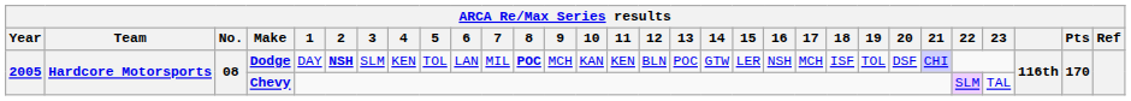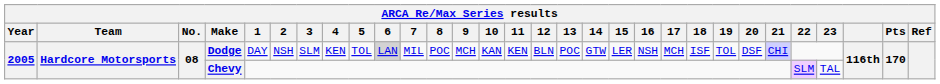 <table class="wikitable" style="text-align:center; font-size:75%">
 <tr>
 <th colspan=45><a href='#'>ARCA Re/Max Series</a> results</th>
 </tr>
 <tr>
 <th>Year</th>
 <th>Team</th>
 <th>No.</th>
 <th>Make</th>
 <th>1</th>
 <th>2</th>
 <th>3</th>
 <th>4</th>
 <th>5</th>
 <th>6</th>
 <th>7</th>
 <th>8</th>
 <th>9</th>
 <th>10</th>
 <th>11</th>
 <th>12</th>
 <th>13</th>
 <th>14</th>
 <th>15</th>
 <th>16</th>
 <th>17</th>
 <th>18</th>
 <th>19</th>
 <th>20</th>
 <th>21</th>
 <th>22</th>
 <th>23</th>
 <th></th>
 <th>Pts</th>
 <th>Ref</th>
 </tr>
 <tr>
 <th rowspan=2><a href='#'>2005</a></th>
 <th rowspan=2><a href='#'>Hardcore Motorsports</a></th>
 <th rowspan=2>08</th>
 <th><a href='#'>Dodge</a></th>
 <td><a href='#'>DAY</a></td>
-<td><strong><a href='#'>NSH</a></strong></td>
+<td><a href='#'>NSH</a></td>
 <td><a href='#'>SLM</a></td>
 <td><a href='#'>KEN</a></td>
 <td><a href='#'>TOL</a></td>
-<td><a href='#'>LAN</a></td>
+<td style="background: lightgrey;"><a href='#'>LAN</a></td>
 <td><a href='#'>MIL</a></td>
-<td><strong><a href='#'>POC</a></strong></td>
+<td><a href='#'>POC</a></td>
 <td><a href='#'>MCH</a></td>
 <td><a href='#'>KAN</a></td>
 <td><a href='#'>KEN</a></td>
 <td><a href='#'>BLN</a></td>
 <td><a href='#'>POC</a></td>
 <td><a href='#'>GTW</a></td>
 <td><a href='#'>LER</a></td>
 <td><a href='#'>NSH</a></td>
 <td><a href='#'>MCH</a></td>
 <td><a href='#'>ISF</a></td>
 <td><a href='#'>TOL</a></td>
 <td><a href='#'>DSF</a></td>
 <td style="background:#CFCFFF;"><a href='#'>CHI</a><br></td>
 <td colspan=2></td>
 <th rowspan=2>116th</th>
 <th rowspan=2>170</th>
 <th rowspan=2></th>
 </tr>
 <tr>
 <th><a href='#'>Chevy</a></th>
 <td colspan=21></td>
 <td style="background:#EFCFFF;"><a href='#'>SLM</a><br></td>
 <td><a href='#'>TAL</a></td>
 </tr>
 </table>
